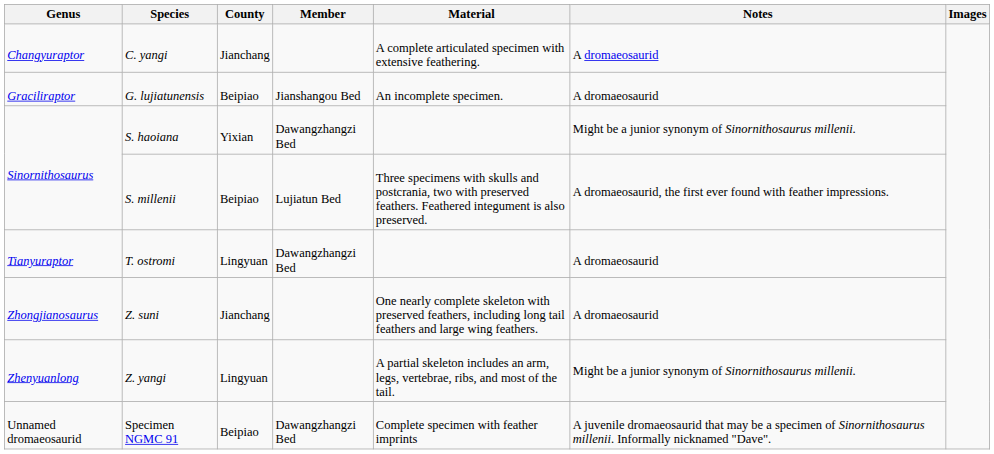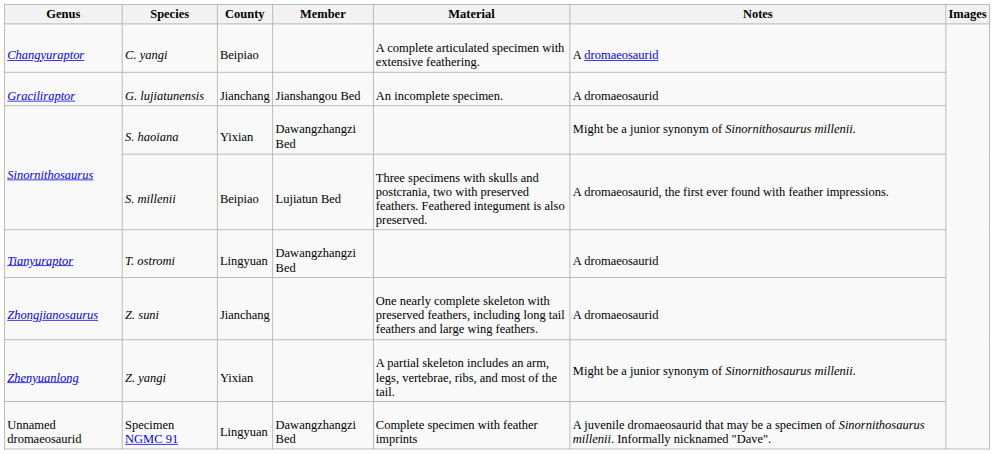 <table class="wikitable" align="center" width="100%">
 <tr>
 <th>Genus</th>
 <th>Species</th>
 <th>County</th>
 <th>Member</th>
 <th width="20%">Material</th>
 <th>Notes</th>
 <th>Images</th>
 </tr>
 <tr>
 <td><br><em><a href='#'>Changyuraptor</a></em></td>
 <td><br><em>C. yangi</em></td>
-<td><br>Jianchang</td>
+<td><br>Beipiao</td>
 <td></td>
 <td><br>A complete articulated specimen with extensive feathering.</td>
 <td><br>A <a href='#'>dromaeosaurid</a></td>
 <td rowspan="101"><br>       </td>
 </tr>
 <tr>
 <td><br><em><a href='#'>Graciliraptor</a></em></td>
 <td><br><em>G. lujiatunensis</em></td>
-<td><br>Beipiao</td>
+<td><br>Jianchang</td>
 <td><br>Jianshangou Bed</td>
 <td><br>An incomplete specimen.</td>
 <td><br>A dromaeosaurid</td>
 </tr>
 <tr>
 <td rowspan="2"><br><em><a href='#'>Sinornithosaurus</a></em></td>
 <td><br><em>S. haoiana</em></td>
 <td><br>Yixian</td>
 <td><br>Dawangzhangzi Bed</td>
 <td></td>
 <td>Might be a junior synonym of <em>Sinornithosaurus millenii</em>.</td>
 </tr>
 <tr>
 <td><br><em>S. millenii</em></td>
 <td><br>Beipiao</td>
 <td><br>Lujiatun Bed</td>
 <td><br>Three specimens with skulls and postcrania, two with preserved feathers. Feathered integument is also preserved.</td>
 <td>A dromaeosaurid, the first ever found with feather impressions.</td>
 </tr>
 <tr>
 <td><br><em><a href='#'>Tianyuraptor</a></em></td>
 <td><br><em>T. ostromi</em></td>
 <td><br>Lingyuan</td>
 <td><br>Dawangzhangzi Bed</td>
 <td></td>
 <td><br>A dromaeosaurid</td>
 </tr>
 <tr>
 <td><br><em><a href='#'>Zhongjianosaurus</a></em></td>
 <td><br><em>Z. suni</em></td>
 <td><br>Jianchang</td>
 <td></td>
 <td><br>One nearly complete skeleton with preserved feathers, including long tail feathers and large wing feathers.</td>
 <td><br>A dromaeosaurid</td>
 </tr>
 <tr>
 <td><br><em><a href='#'>Zhenyuanlong</a></em></td>
 <td><br><em>Z. yangi</em></td>
-<td><br>Lingyuan</td>
+<td><br>Yixian</td>
 <td></td>
 <td><br>A partial skeleton includes an arm, legs, vertebrae, ribs, and most of the tail.</td>
 <td>Might be a junior synonym of <em>Sinornithosaurus millenii</em>.</td>
 </tr>
 <tr>
 <td><br>Unnamed dromaeosaurid</td>
 <td><br>Specimen <a href='#'>NGMC 91</a></td>
-<td><br>Beipiao</td>
+<td><br>Lingyuan</td>
 <td><br>Dawangzhangzi Bed</td>
 <td><br>Complete specimen with feather imprints</td>
 <td><br>A juvenile dromaeosaurid that may be a specimen of <em>Sinornithosaurus millenii</em>. Informally nicknamed "Dave".</td>
 </tr>
 </table>
